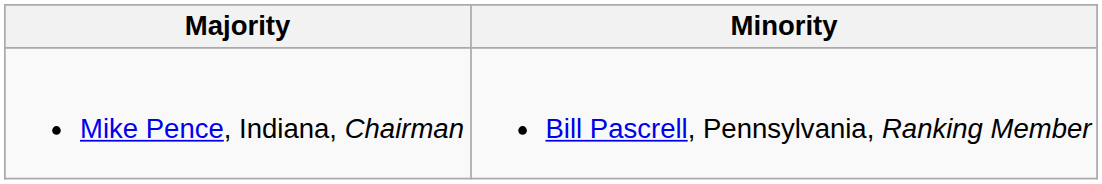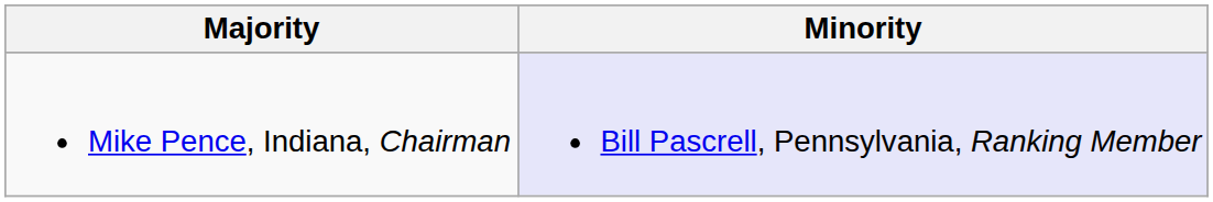 <table class=wikitable>
 <tr>
 <th>Majority</th>
 <th>Minority</th>
 </tr>
 <tr>
 <td><br><ul><li><a href='#'>Mike Pence</a>, Indiana, <em>Chairman</em></li></ul></td>
-<td><br><ul><li><a href='#'>Bill Pascrell</a>, Pennsylvania, <em>Ranking Member</em></li></ul></td>
+<td style="background: lavender;"><br><ul><li><a href='#'>Bill Pascrell</a>, Pennsylvania, <em>Ranking Member</em></li></ul></td>
 </tr>
 </table>
